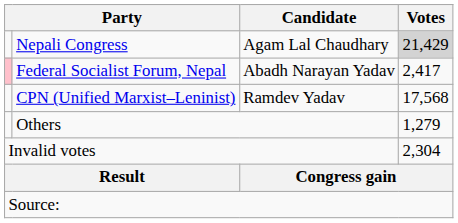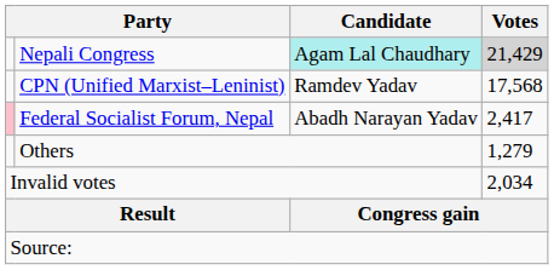 <table class="wikitable">
 <tr>
 <th colspan="2">Party</th>
 <th>Candidate</th>
 <th>Votes</th>
 </tr>
 <tr>
 <td style="background-color:"></td>
 <td><a href='#'>Nepali Congress</a></td>
-<td>Agam Lal Chaudhary</td>
+<td style="background: paleturquoise;">Agam Lal Chaudhary</td>
 <td style="background: lightgrey;">21,429</td>
+</tr>
+<tr>
+<td style="background-color:"></td>
+<td><a href='#'>CPN (Unified Marxist–Leninist)</a></td>
+<td>Ramdev Yadav</td>
+<td>17,568</td>
 </tr>
 <tr>
 <td style="background-color:pink"></td>
 <td><a href='#'>Federal Socialist Forum, Nepal</a></td>
 <td>Abadh Narayan Yadav</td>
 <td>2,417</td>
 </tr>
 <tr>
-<td style="background-color:"></td>
-<td><a href='#'>CPN (Unified Marxist–Leninist)</a></td>
-<td>Ramdev Yadav</td>
-<td>17,568</td>
-</tr>
-<tr>
 <td></td>
 <td colspan="2">Others</td>
 <td>1,279</td>
 </tr>
 <tr>
 <td colspan="3">Invalid votes</td>
-<td>2,304</td>
+<td>2,034</td>
 </tr>
 <tr>
 <th colspan="2">Result</th>
 <th colspan="2">Congress gain</th>
 </tr>
 <tr>
 <td colspan="4">Source: </td>
 </tr>
 </table>
